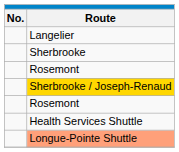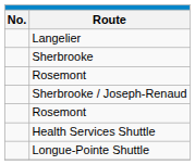 <table align=center class="wikitable">
 <tr>
 <th style="background: #0085CA; font-size:100%; color:#FFFFFF;"colspan="4"><a href='#'></a></th>
 </tr>
 <tr>
 <th>No.</th>
 <th>Route</th>
 </tr>
 <tr>
 <td {{Avoid wrap> </td>
 <td>Langelier</td>
 </tr>
 <tr>
 <td></td>
 <td>Sherbrooke</td>
 </tr>
 <tr>
 <td {{Avoid wrap> </td>
 <td>Rosemont</td>
 </tr>
 <tr>
 <td {{Avoid wrap> </td>
-<td style="background: gold;">Sherbrooke / Joseph-Renaud</td>
+<td>Sherbrooke / Joseph-Renaud</td>
 </tr>
 <tr>
 <td {{Avoid wrap> </td>
 <td>Rosemont</td>
 </tr>
 <tr>
 <td></td>
 <td>Health Services Shuttle</td>
 </tr>
 <tr>
 <td></td>
-<td style="background: lightsalmon;">Longue-Pointe Shuttle</td>
+<td>Longue-Pointe Shuttle</td>
 </tr>
 <tr>
 </tr>
 </table>
